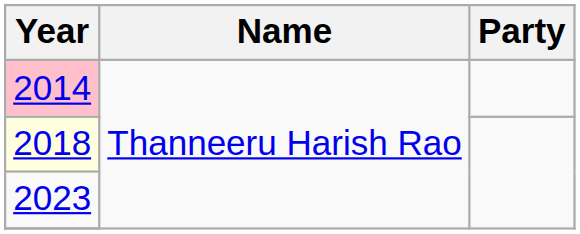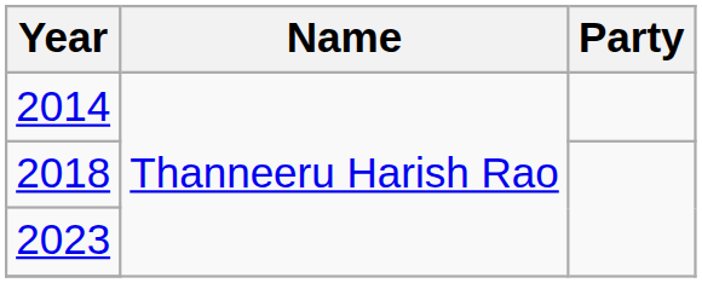 <table class="wikitable sortable">
 <tr>
 <th>Year</th>
 <th>Name</th>
 <th colspan="2">Party</th>
 </tr>
 <tr>
-<td style="background: pink;"><a href='#'>2014</a></td>
+<td><a href='#'>2014</a></td>
 <td rowspan="4"><a href='#'>Thanneeru Harish Rao</a></td>
 <td></td>
 </tr>
 <tr>
-<td style="background: lightyellow;"><a href='#'>2018</a></td>
+<td><a href='#'>2018</a></td>
 </tr>
 <tr>
 <td><a href='#'>2023</a></td>
 </tr>
 <tr>
 </tr>
 </table>
